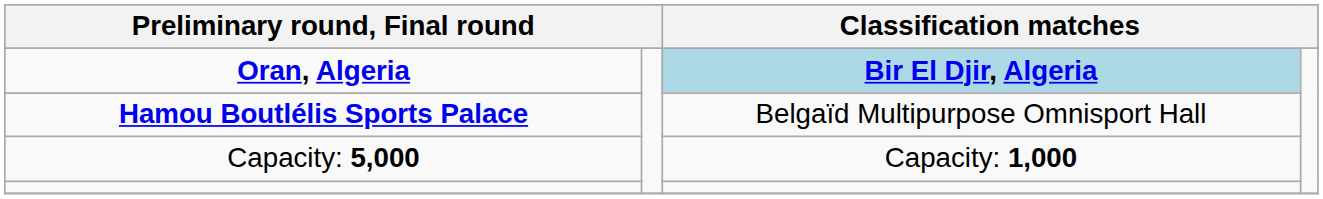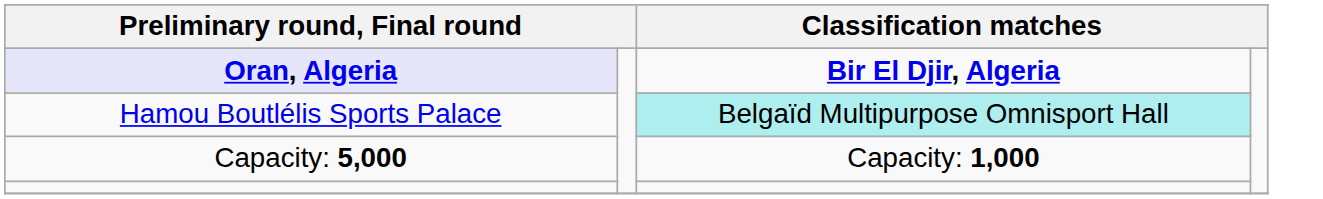 <table class="wikitable" style="text-align: center;">
 <tr>
 <th colspan="2" style="width: 50%;">Preliminary round, Final round</th>
 <th colspan="2" style="width: 50%;">Classification matches</th>
 </tr>
 <tr>
-<td><strong> <a href='#'>Oran</a>, <a href='#'>Algeria</a></strong></td>
+<td style="background: lavender;"><strong> <a href='#'>Oran</a>, <a href='#'>Algeria</a></strong></td>
 <td rowspan="4"></td>
-<td style="background: lightblue;"><strong> <a href='#'>Bir El Djir</a>, <a href='#'>Algeria</a></strong></td>
+<td><strong> <a href='#'>Bir El Djir</a>, <a href='#'>Algeria</a></strong></td>
 <td rowspan="4"></td>
 </tr>
 <tr>
-<td><strong><a href='#'>Hamou Boutlélis Sports Palace</a></strong></td>
-<td>Belgaïd Multipurpose Omnisport Hall</td>
+<td><a href='#'>Hamou Boutlélis Sports Palace</a></td>
+<td style="background: paleturquoise;">Belgaïd Multipurpose Omnisport Hall</td>
 </tr>
 <tr>
 <td>Capacity: <strong>5,000</strong></td>
 <td>Capacity: <strong>1,000</strong></td>
 </tr>
 <tr>
 <td></td>
 <td></td>
 </tr>
 <tr>
 </tr>
 </table>
